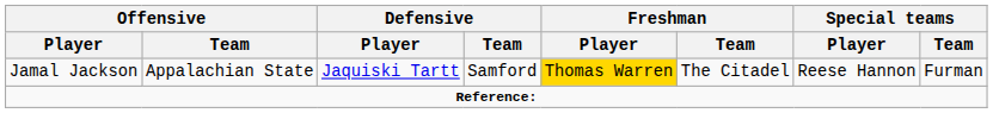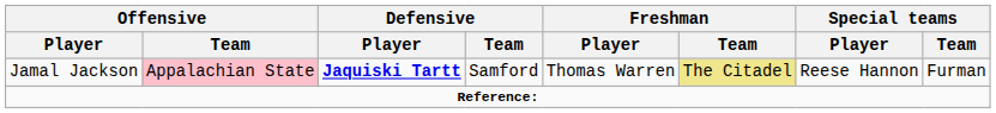 <table class="wikitable" border="1">
 <tr>
 <th colspan="2">Offensive</th>
 <th colspan="2">Defensive</th>
 <th colspan="2">Freshman</th>
 <th colspan="2">Special teams</th>
 </tr>
 <tr>
 <th>Player</th>
 <th>Team</th>
 <th>Player</th>
 <th>Team</th>
 <th>Player</th>
 <th>Team</th>
 <th>Player</th>
 <th>Team</th>
 </tr>
 <tr>
 <td>Jamal Jackson</td>
-<td>Appalachian State</td>
-<td><a href='#'>Jaquiski Tartt</a></td>
+<td style="background: pink;">Appalachian State</td>
+<td><strong><a href='#'>Jaquiski Tartt</a></strong></td>
 <td>Samford</td>
-<td style="background: gold;">Thomas Warren</td>
-<td>The Citadel</td>
+<td>Thomas Warren</td>
+<td style="background: khaki;">The Citadel</td>
 <td>Reese Hannon</td>
 <td>Furman</td>
 </tr>
 <tr>
 <td colspan="8" style="font-size: 8pt" align="center"><strong>Reference:</strong></td>
 </tr>
 </table>
